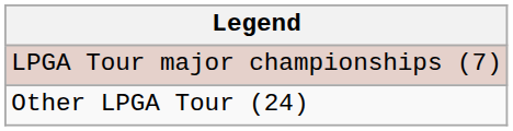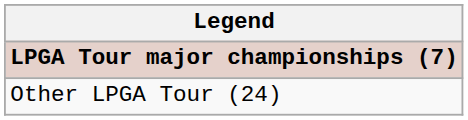 <table class="wikitable" style="font-size:95%;">
 <tr>
 <th>Legend</th>
 </tr>
 <tr style="background:#e5d1cb;">
-<td>LPGA Tour major championships (7)</td>
+<td><strong>LPGA Tour major championships (7)</strong></td>
 </tr>
 <tr>
 <td>Other LPGA Tour (24)</td>
 </tr>
 </table>
